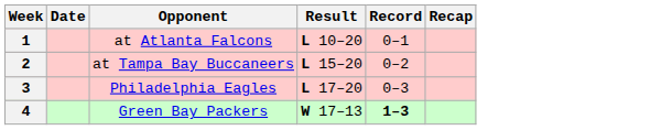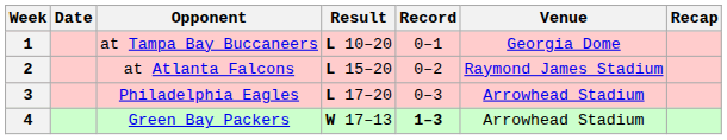 <table class="wikitable" style="text-align:center">
 <tr>
 <th>Week</th>
 <th>Date</th>
 <th>Opponent</th>
 <th>Result</th>
 <th>Record</th>
+<th>Venue</th>
 <th>Recap</th>
 </tr>
 <tr style="background:#fcc">
 <th>1</th>
 <td></td>
-<td>at <a href='#'>Atlanta Falcons</a></td>
+<td>at <a href='#'>Tampa Bay Buccaneers</a></td>
 <td><strong>L</strong> 10–20</td>
 <td>0–1</td>
+<td><a href='#'>Georgia Dome</a></td>
 <td></td>
 </tr>
 <tr style="background:#fcc">
 <th>2</th>
 <td></td>
-<td>at <a href='#'>Tampa Bay Buccaneers</a></td>
+<td>at <a href='#'>Atlanta Falcons</a></td>
 <td><strong>L</strong> 15–20</td>
 <td>0–2</td>
+<td><a href='#'>Raymond James Stadium</a></td>
 <td></td>
 </tr>
 <tr style="background:#fcc">
 <th>3</th>
 <td></td>
 <td><a href='#'>Philadelphia Eagles</a></td>
 <td><strong>L</strong> 17–20</td>
 <td>0–3</td>
+<td><a href='#'>Arrowhead Stadium</a></td>
 <td></td>
 </tr>
 <tr style="background:#cfc">
 <th>4</th>
 <td></td>
 <td><a href='#'>Green Bay Packers</a></td>
 <td><strong>W</strong> 17–13</td>
 <td><strong>1–3</strong></td>
+<td>Arrowhead Stadium</td>
 <td></td>
 </tr>
 </table>
